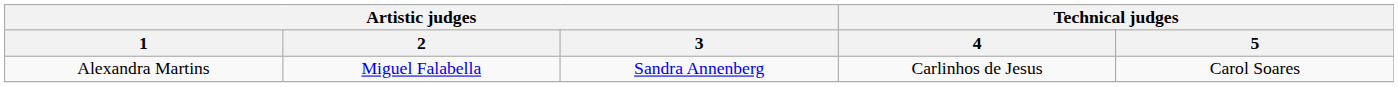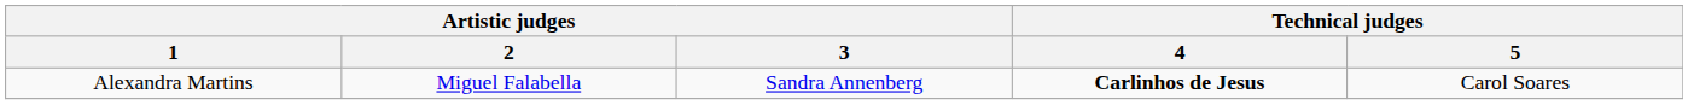 <table class="wikitable" style="font-size:100%; line-height:16px; text-align:center" width="100%">
 <tr TBA>
 <th colspan=3>Artistic judges</th>
 <th colspan=2>Technical judges</th>
 </tr>
 <tr>
 <th width="20.0%">1</th>
 <th width="20.0%">2</th>
 <th width="20.0%">3</th>
 <th width="20.0%">4</th>
 <th width="20.0%">5</th>
 </tr>
 <tr>
 <td>Alexandra Martins</td>
 <td><a href='#'>Miguel Falabella</a></td>
 <td><a href='#'>Sandra Annenberg</a></td>
-<td>Carlinhos de Jesus</td>
+<td><strong>Carlinhos de Jesus</strong></td>
 <td>Carol Soares</td>
 </tr>
 <tr>
 </tr>
 </table>
